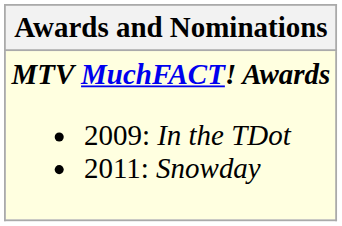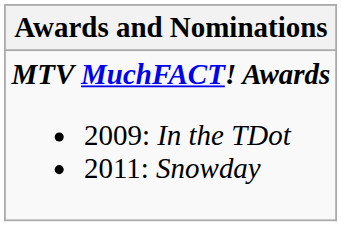 <table class="wikitable">
 <tr>
 <th align="left">Awards and Nominations</th>
 </tr>
 <tr>
-<td align="left" style="background: lightyellow;"><strong><em>MTV <a href='#'>MuchFACT</a>! Awards</em></strong><br><ul><li>2009: <em>In  the TDot</em></li><li>2011:  <em>Snowday</em></li></ul></td>
+<td align="left"><strong><em>MTV <a href='#'>MuchFACT</a>! Awards</em></strong><br><ul><li>2009: <em>In  the TDot</em></li><li>2011:  <em>Snowday</em></li></ul></td>
 </tr>
 </table>
